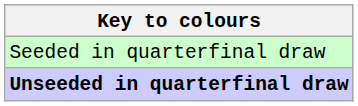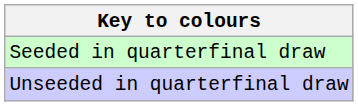 <table class="wikitable">
 <tr>
 <th>Key to colours</th>
 </tr>
 <tr bgcolor="#ccffcc">
 <td>Seeded in quarterfinal draw</td>
 </tr>
 <tr bgcolor="#ccccff">
-<td><strong>Unseeded in quarterfinal draw</strong></td>
+<td>Unseeded in quarterfinal draw</td>
 </tr>
 </table>
